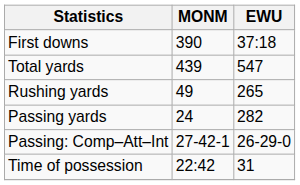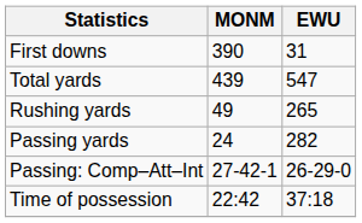 <table class="wikitable" style="float: left;">
 <tr>
 <th>Statistics</th>
 <th>MONM</th>
 <th>EWU</th>
 </tr>
 <tr>
 <td>First downs</td>
 <td>390</td>
-<td>37:18</td>
+<td>31</td>
 </tr>
 <tr>
 <td>Total yards</td>
 <td>439</td>
 <td>547</td>
 </tr>
 <tr>
 <td>Rushing yards</td>
 <td>49</td>
 <td>265</td>
 </tr>
 <tr>
 <td>Passing yards</td>
 <td>24</td>
 <td>282</td>
 </tr>
 <tr>
 <td>Passing: Comp–Att–Int</td>
 <td>27-42-1</td>
 <td>26-29-0</td>
 </tr>
 <tr>
 <td>Time of possession</td>
 <td>22:42</td>
-<td>31</td>
+<td>37:18</td>
 </tr>
 <tr>
 </tr>
 </table>
